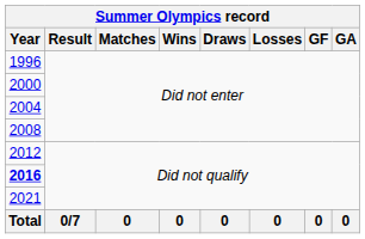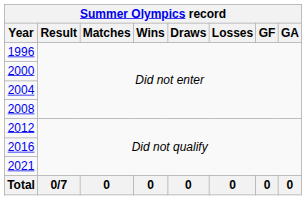 <table class="wikitable" style="text-align: center;">
 <tr>
 <th colspan=8><a href='#'>Summer Olympics</a> record</th>
 </tr>
 <tr>
 <th>Year</th>
 <th>Result</th>
 <th>Matches</th>
 <th>Wins</th>
 <th>Draws</th>
 <th>Losses</th>
 <th>GF</th>
 <th>GA</th>
 </tr>
 <tr>
 <td> <a href='#'>1996</a></td>
 <td rowspan=4 colspan=8><em>Did not enter</em></td>
 </tr>
 <tr>
 <td> <a href='#'>2000</a></td>
 </tr>
 <tr>
 <td> <a href='#'>2004</a></td>
 </tr>
 <tr>
 <td> <a href='#'>2008</a></td>
 </tr>
 <tr>
 <td> <a href='#'>2012</a></td>
 <td rowspan=3 colspan=8><em>Did not qualify</em></td>
 </tr>
 <tr>
-<td><strong> <a href='#'>2016</a></strong></td>
+<td> <a href='#'>2016</a></td>
 </tr>
 <tr>
 <td> <a href='#'>2021</a></td>
 </tr>
 <tr>
 <th>Total</th>
 <th>0/7</th>
 <th>0</th>
 <th>0</th>
 <th>0</th>
 <th>0</th>
 <th>0</th>
 <th>0</th>
 </tr>
 </table>
